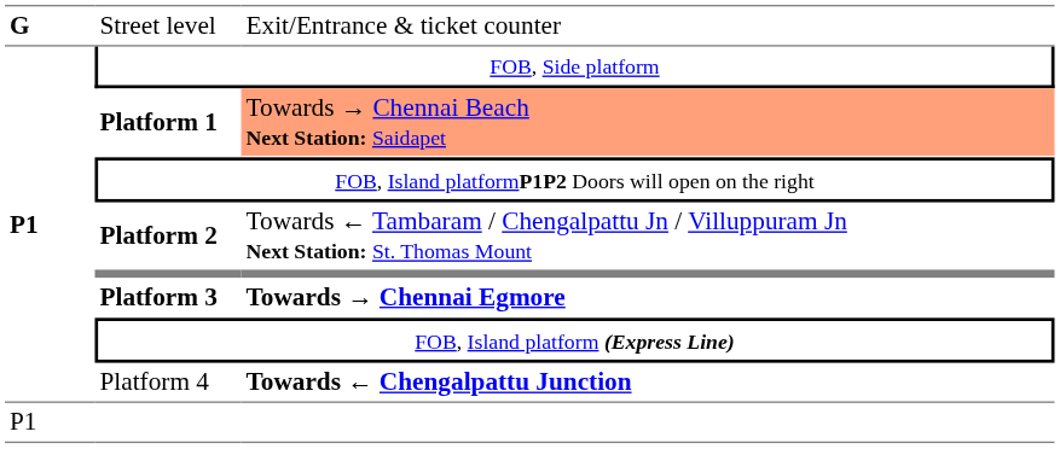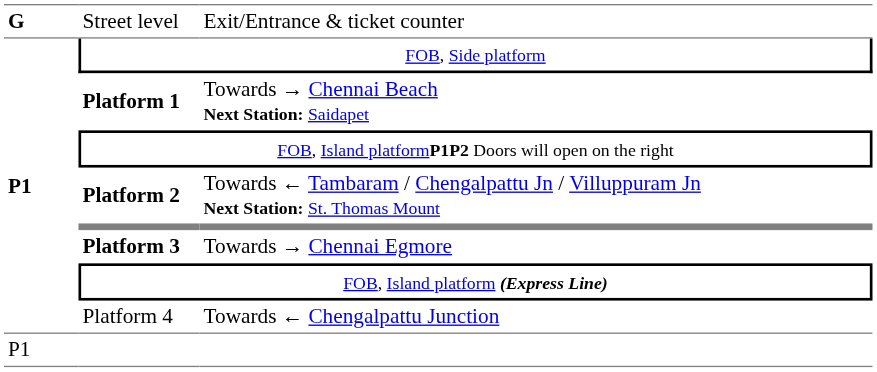 <table cellpadding="3" cellspacing="0" border="0">
 <tr>
 <td valign="top" width="30" style="border-top:solid 1px gray;border-bottom:solid 1px gray;"><strong>G</strong></td>
 <td valign="top" width="85" style="border-top:solid 1px gray;border-bottom:solid 1px gray;">Street level</td>
 <td valign="top" width="500" style="border-top:solid 1px gray;border-bottom:solid 1px gray;">Exit/Entrance & ticket counter</td>
 </tr>
 <tr>
 <td rowspan="7" style="border-bottom:solid 1px gray;" width="50" valign="center"><strong>P1</strong></td>
 <td colspan="2" style="border-right:solid 2px black;border-left:solid 2px black;border-bottom:solid 2px black;text-align:center;"><a href='#'><small>FOB</small></a><small>, <a href='#'>Side platform</a></small></td>
 </tr>
 <tr>
 <td width="85" style="border-bottom:solid 1px white;"><span><strong>Platform 1</strong></span></td>
-<td width="500" style="background: lightsalmon; border-bottom:solid 1px white;">Towards → <a href='#'>Chennai Beach</a><br><small><strong>Next Station:</strong> <a href='#'>Saidapet</a></small></td>
+<td width="500" style="border-bottom:solid 1px white;">Towards → <a href='#'>Chennai Beach</a><br><small><strong>Next Station:</strong> <a href='#'>Saidapet</a></small></td>
 </tr>
 <tr>
 <td colspan="2" style="border-top:solid 2px black;border-right:solid 2px black;border-left:solid 2px black;border-bottom:solid 2px black;text-align:center;"><a href='#'><small>FOB</small></a><small>, <a href='#'>Island platform</a><strong>P1</strong><strong>P2</strong> Doors will open on the right</small></td>
 </tr>
 <tr>
 <td width="85" style="border-bottom:solid 5px gray;"><span><strong>Platform 2</strong></span></td>
 <td width="500" style="border-bottom:solid 5px gray;">Towards ← <a href='#'>Tambaram</a> / <a href='#'>Chengalpattu Jn</a> / <a href='#'>Villuppuram Jn</a><br><small><strong>Next Station:</strong> <a href='#'>St. Thomas Mount</a></small></td>
 </tr>
 <tr>
 <td width="85" style="border-bottom:solid 1px white;"><span><strong>Platform 3</strong></span></td>
-<td style="border-bottom:solid 1px white;" width="500"><strong>Towards → <a href='#'>Chennai Egmore</a></strong></td>
+<td style="border-bottom:solid 1px white;" width="500">Towards → <a href='#'>Chennai Egmore</a></td>
 </tr>
 <tr>
 <td colspan="2" style="border-top:solid 2px black;border-right:solid 2px black;border-left:solid 2px black;border-bottom:solid 2px black;text-align:center;"><a href='#'><small>FOB</small></a><small>, <a href='#'>Island platform</a> <strong></strong> <strong><em>(Express Line)<strong><em></small></td>
 </tr>
 <tr>
 <td width="85" style="border-bottom:solid 1px gray;"><span></strong>Platform 4<strong></span></td>
-<td style="border-bottom:solid 1px gray;" width="500"><strong>Towards ← <a href='#'>Chengalpattu Junction</a></strong></td>
+<td style="border-bottom:solid 1px gray;" width="500">Towards ← <a href='#'>Chengalpattu Junction</a></td>
 </tr>
 <tr>
 <td style="border-bottom:solid 1px gray;" width="50" valign="top"></strong>P1<strong></td>
 <td style="border-bottom:solid 1px gray;" width="50" valign="top"></td>
 <td style="border-bottom:solid 1px gray;" width="50" valign="top"></td>
 </tr>
 <tr>
 </tr>
 </table>
